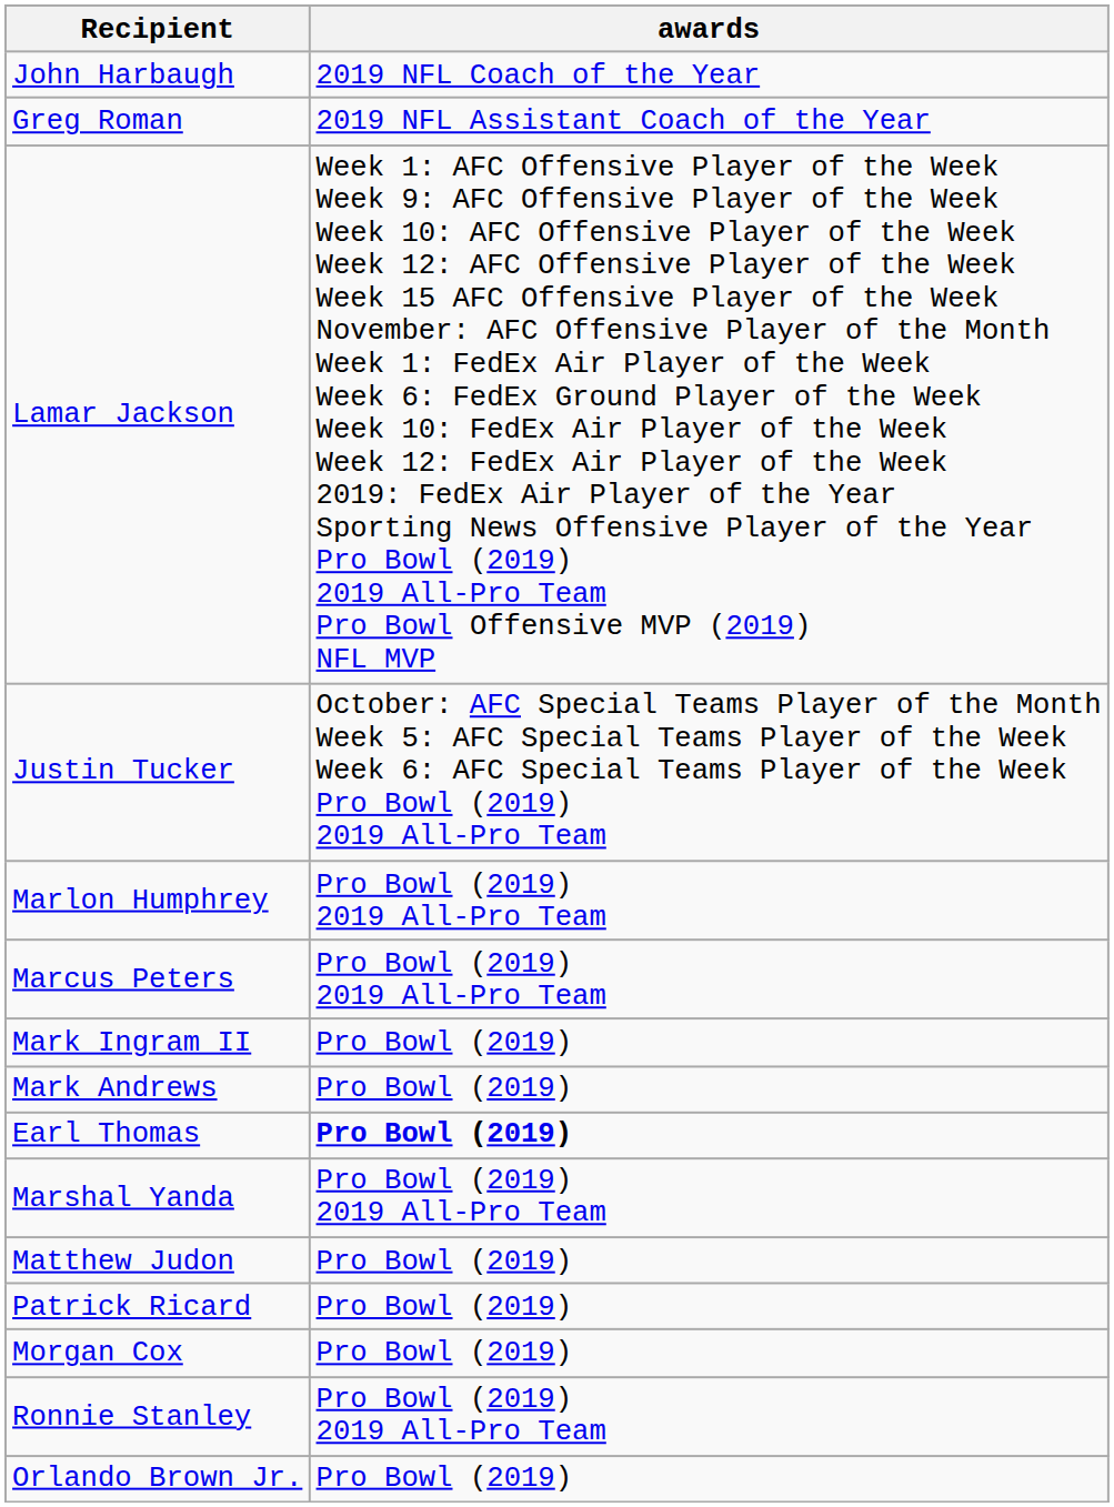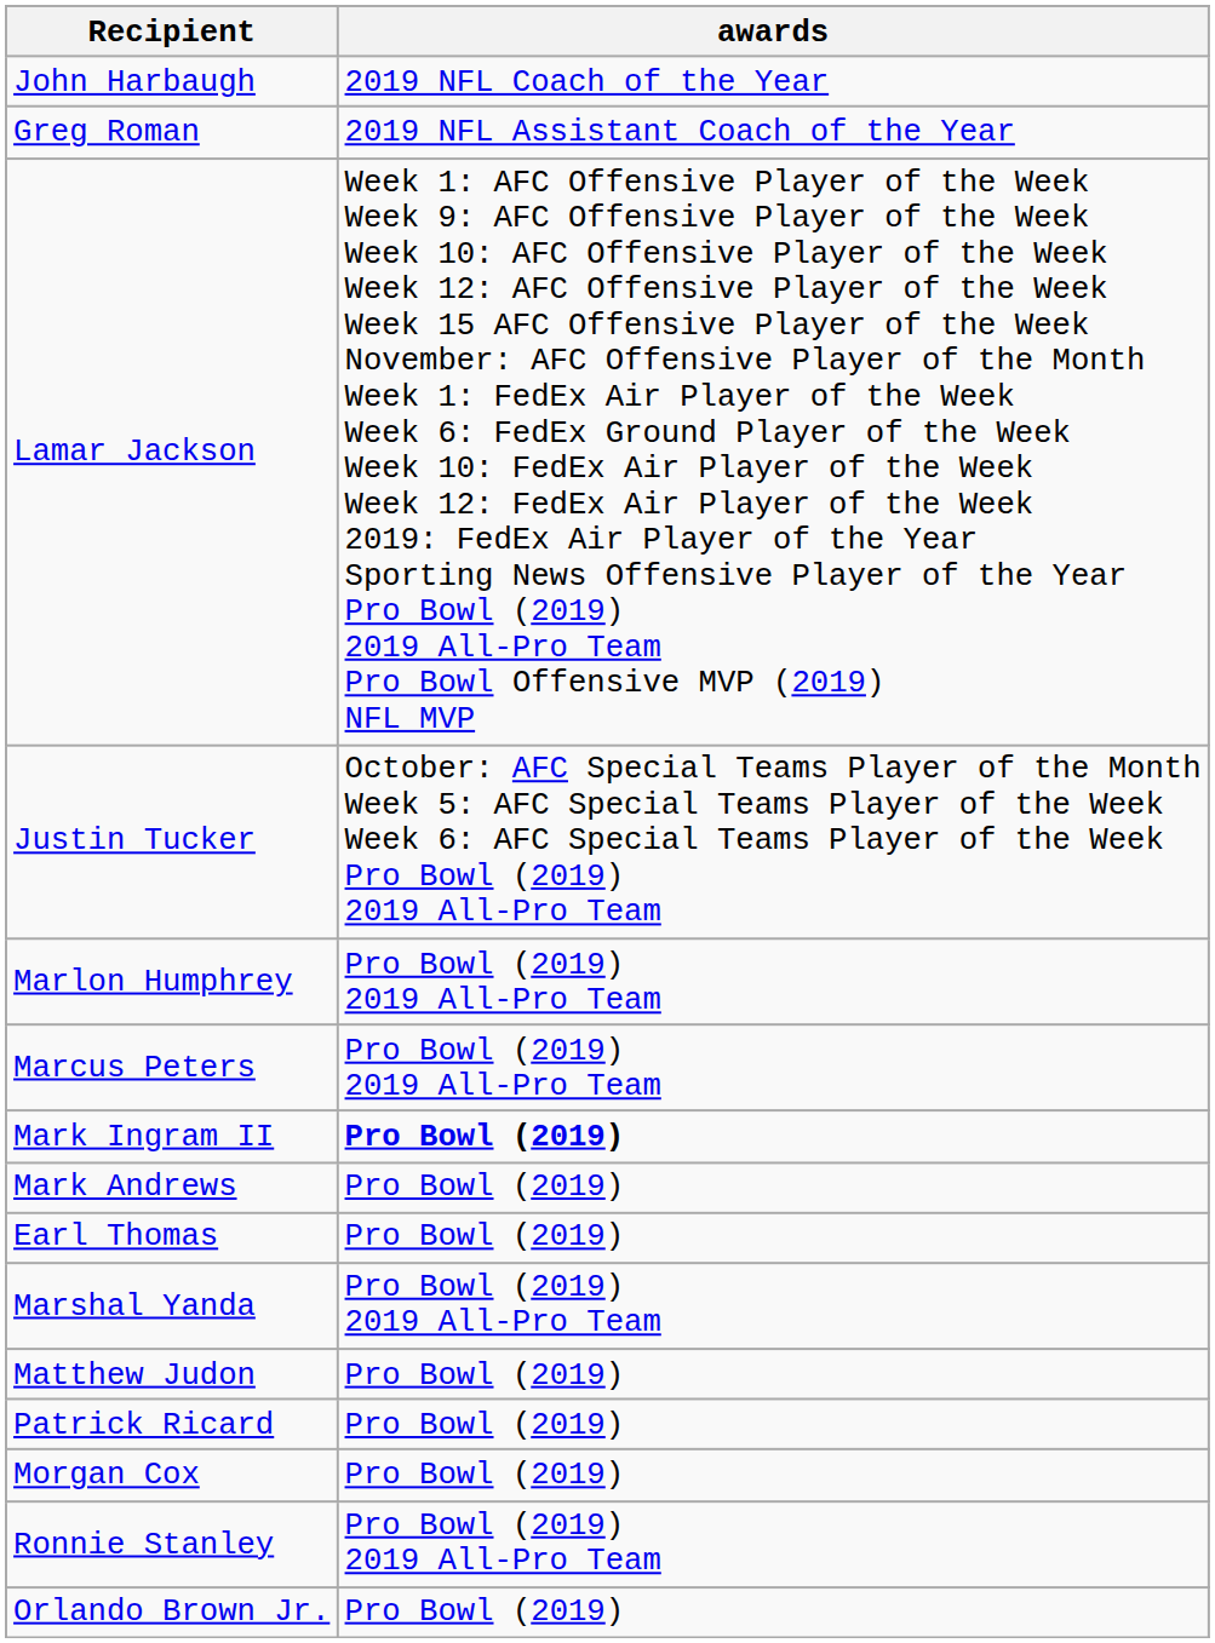 <table class="wikitable">
 <tr>
 <th>Recipient</th>
 <th>awards</th>
 </tr>
 <tr>
 <td><a href='#'>John Harbaugh</a></td>
 <td><a href='#'>2019 NFL Coach of the Year</a></td>
 </tr>
 <tr>
 <td><a href='#'>Greg Roman</a></td>
 <td><a href='#'>2019 NFL Assistant Coach of the Year</a></td>
 </tr>
 <tr>
 <td><a href='#'>Lamar Jackson</a></td>
 <td>Week 1: AFC Offensive Player of the Week<br>Week 9: AFC Offensive Player of the Week<br>Week 10: AFC Offensive Player of the Week<br>Week 12: AFC Offensive Player of the Week<br>Week 15 AFC Offensive Player of the Week<br>November: AFC Offensive Player of the Month<br>Week 1: FedEx Air Player of the Week<br>Week 6: FedEx Ground Player of the Week<br>Week 10: FedEx Air Player of the Week<br>Week 12: FedEx Air Player of the Week<br>2019: FedEx Air Player of the Year<br>Sporting News Offensive Player of the Year<br><a href='#'>Pro Bowl</a> (<a href='#'>2019</a>)<br><a href='#'>2019 All-Pro Team</a><br><a href='#'>Pro Bowl</a> Offensive MVP (<a href='#'>2019</a>)<br><a href='#'>NFL MVP</a></td>
 </tr>
 <tr>
 <td><a href='#'>Justin Tucker</a></td>
 <td>October: <a href='#'>AFC</a> Special Teams Player of the Month<br>Week 5: AFC Special Teams Player of the Week<br>Week 6: AFC Special Teams Player of the Week<br> <a href='#'>Pro Bowl</a> (<a href='#'>2019</a>)<br><a href='#'>2019 All-Pro Team</a></td>
 </tr>
 <tr>
 <td><a href='#'>Marlon Humphrey</a></td>
 <td><a href='#'>Pro Bowl</a> (<a href='#'>2019</a>)<br><a href='#'>2019 All-Pro Team</a></td>
 </tr>
 <tr>
 <td><a href='#'>Marcus Peters</a></td>
 <td><a href='#'>Pro Bowl</a> (<a href='#'>2019</a>)<br><a href='#'>2019 All-Pro Team</a></td>
 </tr>
 <tr>
 <td><a href='#'>Mark Ingram II</a></td>
-<td><a href='#'>Pro Bowl</a> (<a href='#'>2019</a>)</td>
+<td><strong><a href='#'>Pro Bowl</a> (<a href='#'>2019</a>)</strong></td>
 </tr>
 <tr>
 <td><a href='#'>Mark Andrews</a></td>
 <td><a href='#'>Pro Bowl</a> (<a href='#'>2019</a>)</td>
 </tr>
 <tr>
 <td><a href='#'>Earl Thomas</a></td>
-<td><strong><a href='#'>Pro Bowl</a> (<a href='#'>2019</a>)</strong></td>
+<td><a href='#'>Pro Bowl</a> (<a href='#'>2019</a>)</td>
 </tr>
 <tr>
 <td><a href='#'>Marshal Yanda</a></td>
 <td><a href='#'>Pro Bowl</a> (<a href='#'>2019</a>)<br><a href='#'>2019 All-Pro Team</a></td>
 </tr>
 <tr>
 <td><a href='#'>Matthew Judon</a></td>
 <td><a href='#'>Pro Bowl</a> (<a href='#'>2019</a>)</td>
 </tr>
 <tr>
 <td><a href='#'>Patrick Ricard</a></td>
 <td><a href='#'>Pro Bowl</a> (<a href='#'>2019</a>)</td>
 </tr>
 <tr>
 <td><a href='#'>Morgan Cox</a></td>
 <td><a href='#'>Pro Bowl</a> (<a href='#'>2019</a>)</td>
 </tr>
 <tr>
 <td><a href='#'>Ronnie Stanley</a></td>
 <td><a href='#'>Pro Bowl</a> (<a href='#'>2019</a>)<br><a href='#'>2019 All-Pro Team</a></td>
 </tr>
 <tr>
 <td><a href='#'>Orlando Brown Jr.</a></td>
 <td><a href='#'>Pro Bowl</a> (<a href='#'>2019</a>)</td>
 </tr>
 </table>
